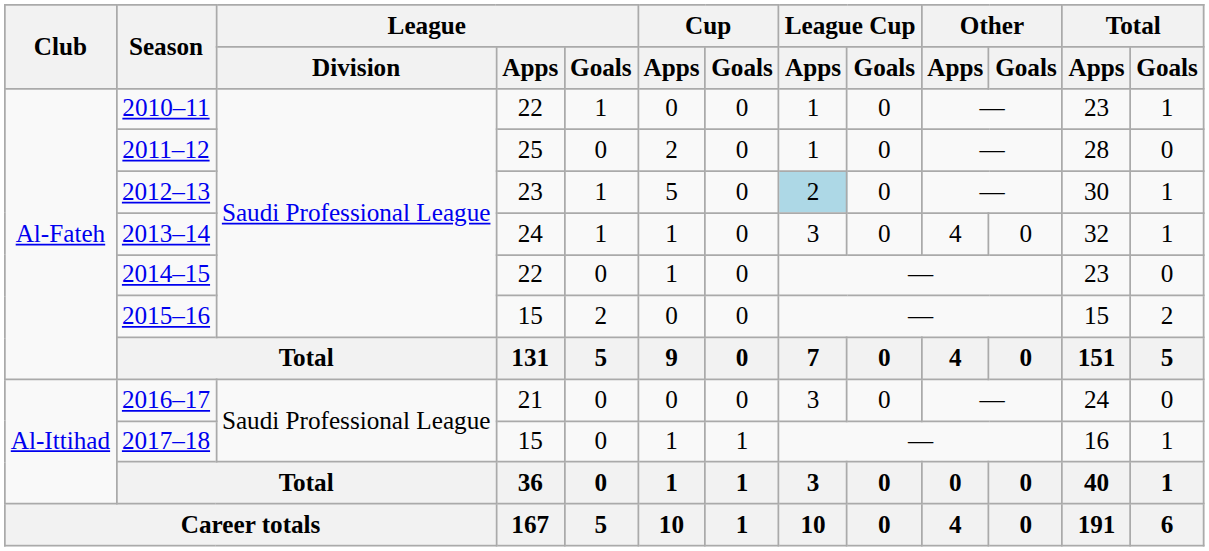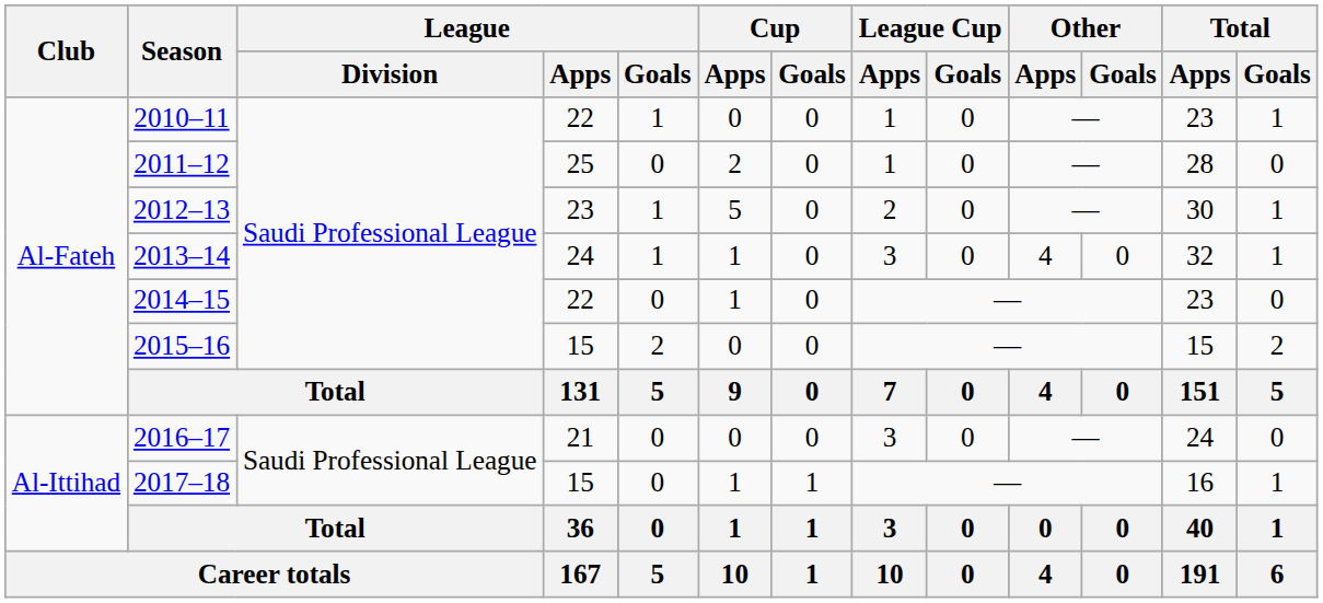 <table class="wikitable" style="font-size:90%; text-align: center">
 <tr>
 <th rowspan=2>Club</th>
 <th rowspan=2>Season</th>
 <th colspan=3>League</th>
 <th colspan=2>Cup</th>
 <th colspan=2>League Cup</th>
 <th colspan=2>Other</th>
 <th colspan=2>Total</th>
 </tr>
 <tr>
 <th>Division</th>
 <th>Apps</th>
 <th>Goals</th>
 <th>Apps</th>
 <th>Goals</th>
 <th>Apps</th>
 <th>Goals</th>
 <th>Apps</th>
 <th>Goals</th>
 <th>Apps</th>
 <th>Goals</th>
 </tr>
 <tr>
 <td rowspan=7><a href='#'>Al-Fateh</a></td>
 <td><a href='#'>2010–11</a></td>
 <td rowspan=6><a href='#'>Saudi Professional League</a></td>
 <td>22</td>
 <td>1</td>
 <td>0</td>
 <td>0</td>
 <td>1</td>
 <td>0</td>
 <td colspan=2>—</td>
 <td>23</td>
 <td>1</td>
 </tr>
 <tr>
 <td><a href='#'>2011–12</a></td>
 <td>25</td>
 <td>0</td>
 <td>2</td>
 <td>0</td>
 <td>1</td>
 <td>0</td>
 <td colspan=2>—</td>
 <td>28</td>
 <td>0</td>
 </tr>
 <tr>
 <td><a href='#'>2012–13</a></td>
 <td>23</td>
 <td>1</td>
 <td>5</td>
 <td>0</td>
-<td style="background: lightblue;">2</td>
+<td>2</td>
 <td>0</td>
 <td colspan=2>—</td>
 <td>30</td>
 <td>1</td>
 </tr>
 <tr>
 <td><a href='#'>2013–14</a></td>
 <td>24</td>
 <td>1</td>
 <td>1</td>
 <td>0</td>
 <td>3</td>
 <td>0</td>
 <td>4</td>
 <td>0</td>
 <td>32</td>
 <td>1</td>
 </tr>
 <tr>
 <td><a href='#'>2014–15</a></td>
 <td>22</td>
 <td>0</td>
 <td>1</td>
 <td>0</td>
 <td colspan=4>—</td>
 <td>23</td>
 <td>0</td>
 </tr>
 <tr>
 <td><a href='#'>2015–16</a></td>
 <td>15</td>
 <td>2</td>
 <td>0</td>
 <td>0</td>
 <td colspan=4>—</td>
 <td>15</td>
 <td>2</td>
 </tr>
 <tr>
 <th colspan=2>Total</th>
 <th>131</th>
 <th>5</th>
 <th>9</th>
 <th>0</th>
 <th>7</th>
 <th>0</th>
 <th>4</th>
 <th>0</th>
 <th>151</th>
 <th>5</th>
 </tr>
 <tr>
 <td rowspan=3><a href='#'>Al-Ittihad</a></td>
 <td><a href='#'>2016–17</a></td>
 <td rowspan=2>Saudi Professional League</td>
 <td>21</td>
 <td>0</td>
 <td>0</td>
 <td>0</td>
 <td>3</td>
 <td>0</td>
 <td colspan=2>—</td>
 <td>24</td>
 <td>0</td>
 </tr>
 <tr>
 <td><a href='#'>2017–18</a></td>
 <td>15</td>
 <td>0</td>
 <td>1</td>
 <td>1</td>
 <td colspan=4>—</td>
 <td>16</td>
 <td>1</td>
 </tr>
 <tr>
 <th colspan=2>Total</th>
 <th>36</th>
 <th>0</th>
 <th>1</th>
 <th>1</th>
 <th>3</th>
 <th>0</th>
 <th>0</th>
 <th>0</th>
 <th>40</th>
 <th>1</th>
 </tr>
 <tr>
 <th colspan=3>Career totals</th>
 <th>167</th>
 <th>5</th>
 <th>10</th>
 <th>1</th>
 <th>10</th>
 <th>0</th>
 <th>4</th>
 <th>0</th>
 <th>191</th>
 <th>6</th>
 </tr>
 </table>
